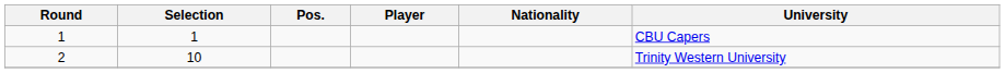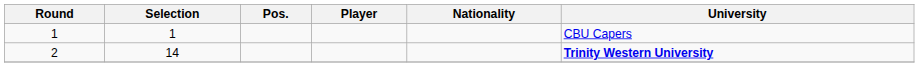 <table class="wikitable sortable" style="width:90%; text-align:center; font-size:95%; text-align:left;">
 <tr>
 <th>Round</th>
 <th>Selection</th>
 <th>Pos.</th>
 <th>Player</th>
 <th>Nationality</th>
 <th>University</th>
 </tr>
 <tr>
 <td align=center>1</td>
 <td align=center>1</td>
 <td align=center></td>
 <td></td>
 <td></td>
 <td><a href='#'>CBU Capers</a></td>
 </tr>
 <tr>
 <td align=center>2</td>
-<td align=center>10</td>
+<td align=center>14</td>
 <td align=center></td>
 <td></td>
 <td></td>
-<td><a href='#'>Trinity Western University</a></td>
+<td><strong><a href='#'>Trinity Western University</a></strong></td>
 </tr>
 <tr>
 </tr>
 </table>
